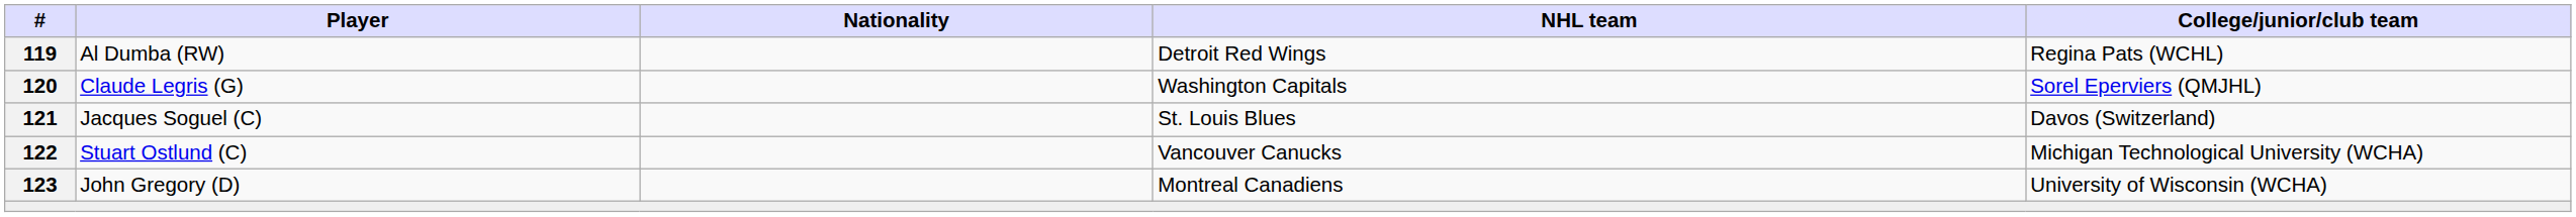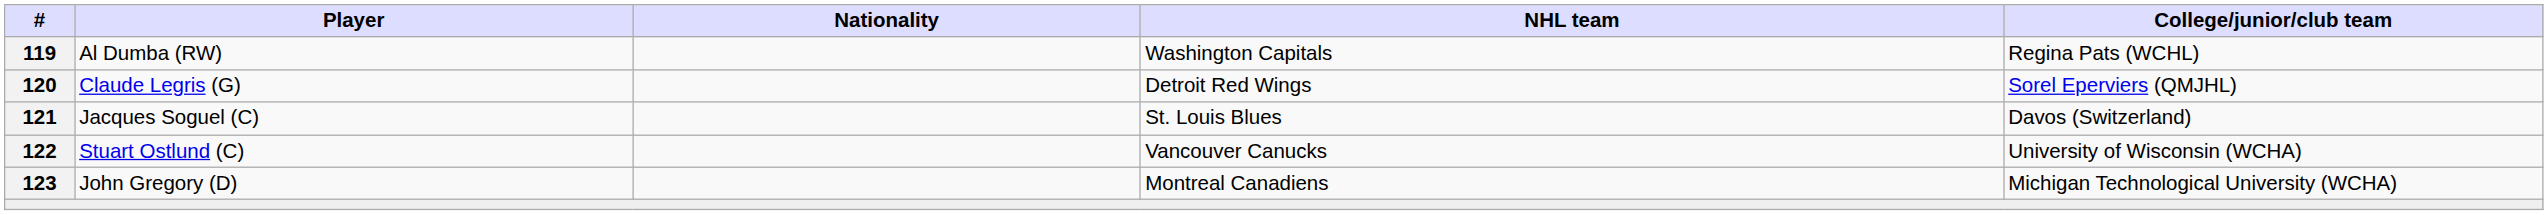 <table class="wikitable" style="width: 100%">
 <tr>
 <th style="background:#ddf; width:2.75%;">#</th>
 <th style="background:#ddf; width:22.0%;">Player</th>
 <th style="background:#ddf; width:20.0%;">Nationality</th>
 <th style="background:#ddf; width:34.0%;">NHL team</th>
 <th style="background:#ddf; width:100.0%;">College/junior/club team</th>
 </tr>
 <tr>
 <th>119</th>
 <td>Al Dumba (RW)</td>
 <td></td>
-<td>Detroit Red Wings</td>
+<td>Washington Capitals</td>
 <td>Regina Pats (WCHL)</td>
 </tr>
 <tr>
 <th>120</th>
 <td><a href='#'>Claude Legris</a> (G)</td>
 <td></td>
-<td>Washington Capitals</td>
+<td>Detroit Red Wings</td>
 <td><a href='#'>Sorel Eperviers</a> (QMJHL)</td>
 </tr>
 <tr>
 <th>121</th>
 <td>Jacques Soguel (C)</td>
 <td></td>
 <td>St. Louis Blues</td>
 <td>Davos (Switzerland)</td>
 </tr>
 <tr>
 <th>122</th>
 <td><a href='#'>Stuart Ostlund</a> (C)</td>
 <td></td>
 <td>Vancouver Canucks</td>
-<td>Michigan Technological University (WCHA)</td>
+<td>University of Wisconsin (WCHA)</td>
 </tr>
 <tr>
 <th>123</th>
 <td>John Gregory (D)</td>
 <td></td>
 <td>Montreal Canadiens</td>
-<td>University of Wisconsin (WCHA)</td>
+<td>Michigan Technological University (WCHA)</td>
 </tr>
 <tr>
 <td align=center colspan="6" bgcolor="#efefef"></td>
 </tr>
 </table>
